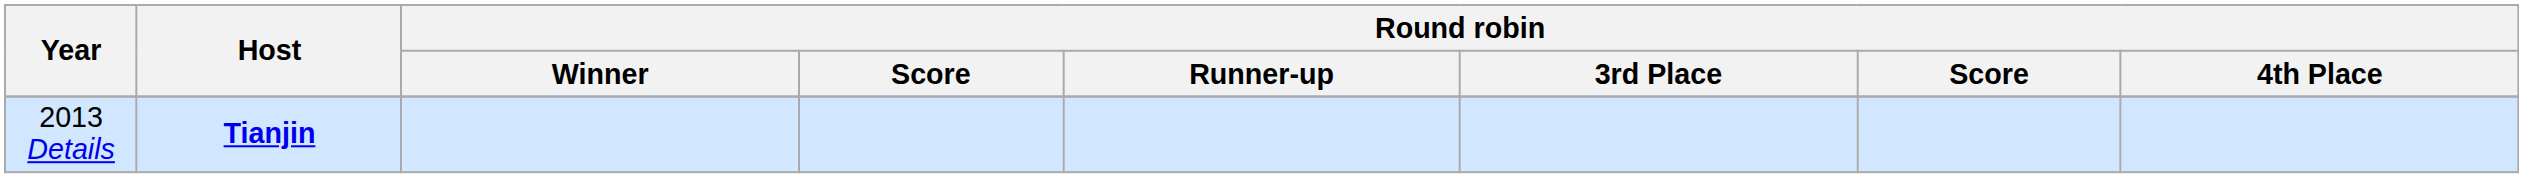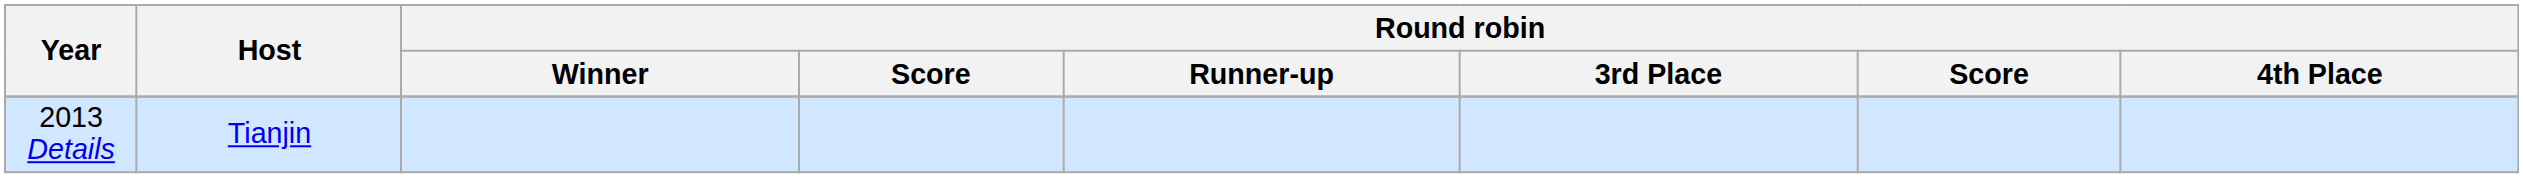 <table class="wikitable" style="font-size: 90%; text-align: center; width: 100%;">
 <tr>
 <th rowspan="2" width="5%">Year</th>
 <th rowspan="2" width="10%">Host</th>
 <th colspan="6">Round robin</th>
 </tr>
 <tr>
 <th width="15%">Winner</th>
 <th width="10%">Score</th>
 <th width="15%">Runner-up</th>
 <th width="15%">3rd Place</th>
 <th width="10%">Score</th>
 <th width="15%">4th Place</th>
 </tr>
 <tr align=center bgcolor=#F5FAFF>
 </tr>
 <tr align=center bgcolor=#D0E7FF>
 <td>2013<br><em><a href='#'>Details</a></em></td>
-<td><strong> <a href='#'>Tianjin</a></strong></td>
+<td> <a href='#'>Tianjin</a></td>
 <td><strong></strong></td>
 <td></td>
 <td></td>
 <td></td>
 <td></td>
 <td></td>
 </tr>
 </table>
